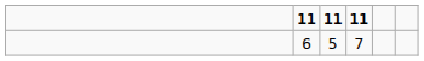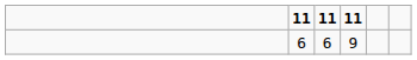 <table class="wikitable">
 <tr>
 <td style="width:18em"><strong></strong></td>
 <td align=center style="width:1em"><strong>11</strong></td>
 <td align=center style="width:1em"><strong>11</strong></td>
 <td align=center style="width:1em"><strong>11</strong></td>
 <td align=center style="width:1em"></td>
 <td align=center style="width:1em"></td>
 </tr>
 <tr>
 <td style="width:18em"></td>
 <td align=center style="width:1em">6</td>
-<td align=center style="width:1em">5</td>
-<td align=center style="width:1em">7</td>
+<td align=center style="width:1em">6</td>
+<td align=center style="width:1em">9</td>
 <td align=center style="width:1em"></td>
 <td align=center style="width:1em"></td>
 </tr>
 </table>
